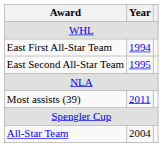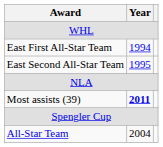 <table class="wikitable">
 <tr>
 <th>Award</th>
 <th>Year</th>
 <th></th>
 </tr>
 <tr ALIGN="center" bgcolor="#e0e0e0">
 <td colspan="3"><a href='#'>WHL</a></td>
 </tr>
 <tr>
 <td>East First All-Star Team</td>
 <td><a href='#'>1994</a></td>
 <td></td>
 </tr>
 <tr>
 <td>East Second All-Star Team</td>
 <td><a href='#'>1995</a></td>
 <td></td>
 </tr>
 <tr ALIGN="center" bgcolor="#e0e0e0">
 <td colspan="3"><a href='#'>NLA</a></td>
 </tr>
 <tr>
 <td>Most assists (39)</td>
-<td><a href='#'>2011</a></td>
+<td><strong><a href='#'>2011</a></strong></td>
 <td></td>
 </tr>
 <tr ALIGN="center" bgcolor="#e0e0e0">
 <td colspan="3"><a href='#'>Spengler Cup</a></td>
 </tr>
 <tr>
 <td><a href='#'>All-Star Team</a></td>
 <td>2004</td>
 <td></td>
 </tr>
 </table>
